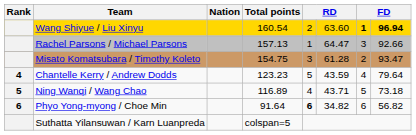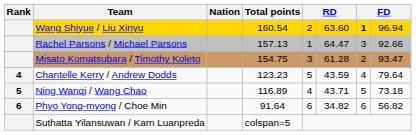 <table class="wikitable sortable" style="text-align:left">
 <tr>
 <th scope="col">Rank</th>
 <th scope="col">Team</th>
 <th scope="col">Nation</th>
 <th scope="col">Total points</th>
 <th scope="col" colspan="2" width="80px"><a href='#'>RD</a></th>
 <th scope="col" colspan="2" width="80px"><a href='#'>FD</a></th>
 </tr>
 <tr bgcolor="gold">
 <th scope="row"></th>
 <td><a href='#'>Wang Shiyue</a> / <a href='#'>Liu Xinyu</a></td>
 <td></td>
 <td align="center">160.54</td>
 <td align="center">2</td>
 <td align="center">63.60</td>
 <td align="center"><strong>1</strong></td>
-<td align="center"><strong>96.94</strong></td>
+<td align="center">96.94</td>
 </tr>
 <tr bgcolor="silver">
 <th scope="row"></th>
 <td><a href='#'>Rachel Parsons</a> / <a href='#'>Michael Parsons</a></td>
 <td></td>
 <td align="center">157.13</td>
 <td align="center">1</td>
 <td align="center">64.47</td>
 <td align="center">3</td>
 <td align="center">92.66</td>
 </tr>
 <tr bgcolor="cc9966">
 <th scope="row"></th>
 <td><a href='#'>Misato Komatsubara</a> / <a href='#'>Timothy Koleto</a></td>
 <td></td>
 <td align="center">154.75</td>
 <td align="center">3</td>
 <td align="center">61.28</td>
 <td align="center">2</td>
 <td align="center">93.47</td>
 </tr>
 <tr>
 <th scope="row">4</th>
 <td><a href='#'>Chantelle Kerry</a> / <a href='#'>Andrew Dodds</a></td>
 <td></td>
 <td align="center">123.23</td>
 <td align="center">5</td>
 <td align="center">43.59</td>
 <td align="center">4</td>
 <td align="center">79.64</td>
 </tr>
 <tr>
 <th scope="row">5</th>
 <td><a href='#'>Ning Wanqi</a> / <a href='#'> Wang Chao</a></td>
 <td></td>
 <td align="center">116.89</td>
 <td align="center">4</td>
 <td align="center">43.71</td>
 <td align="center">5</td>
 <td align="center">73.18</td>
 </tr>
 <tr>
 <th scope="row">6</th>
 <td><a href='#'>Phyo Yong-myong</a> / Choe Min</td>
 <td></td>
 <td align="center">91.64</td>
-<td align="center"><strong>6</strong></td>
+<td align="center">6</td>
 <td align="center">34.82</td>
 <td align="center">6</td>
 <td align="center">56.82</td>
 </tr>
 <tr>
 <th scope="row"></th>
 <td>Suthatta Yilansuwan / Karn Luanpreda</td>
 <td></td>
 <td>colspan=5 </td>
 </tr>
 </table>
